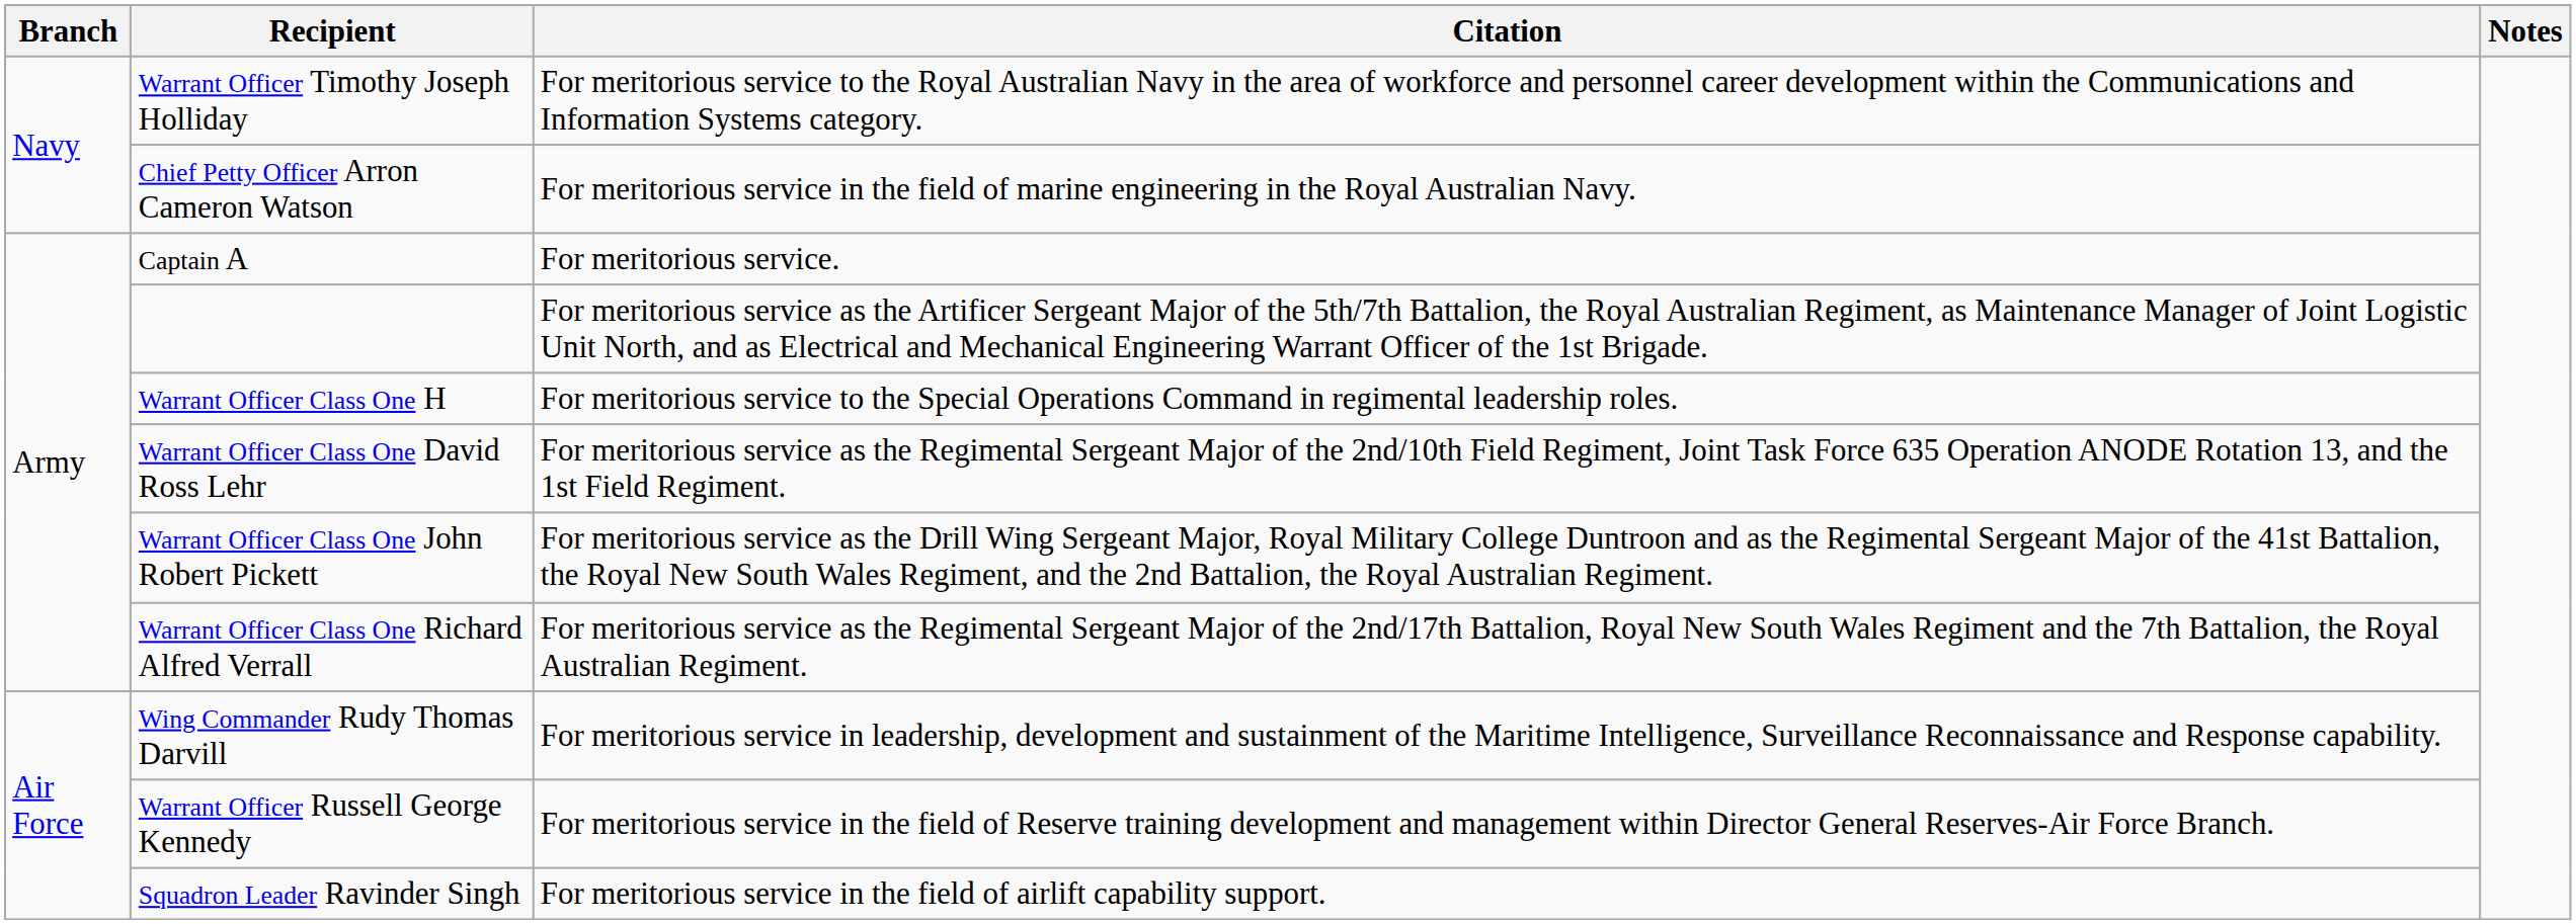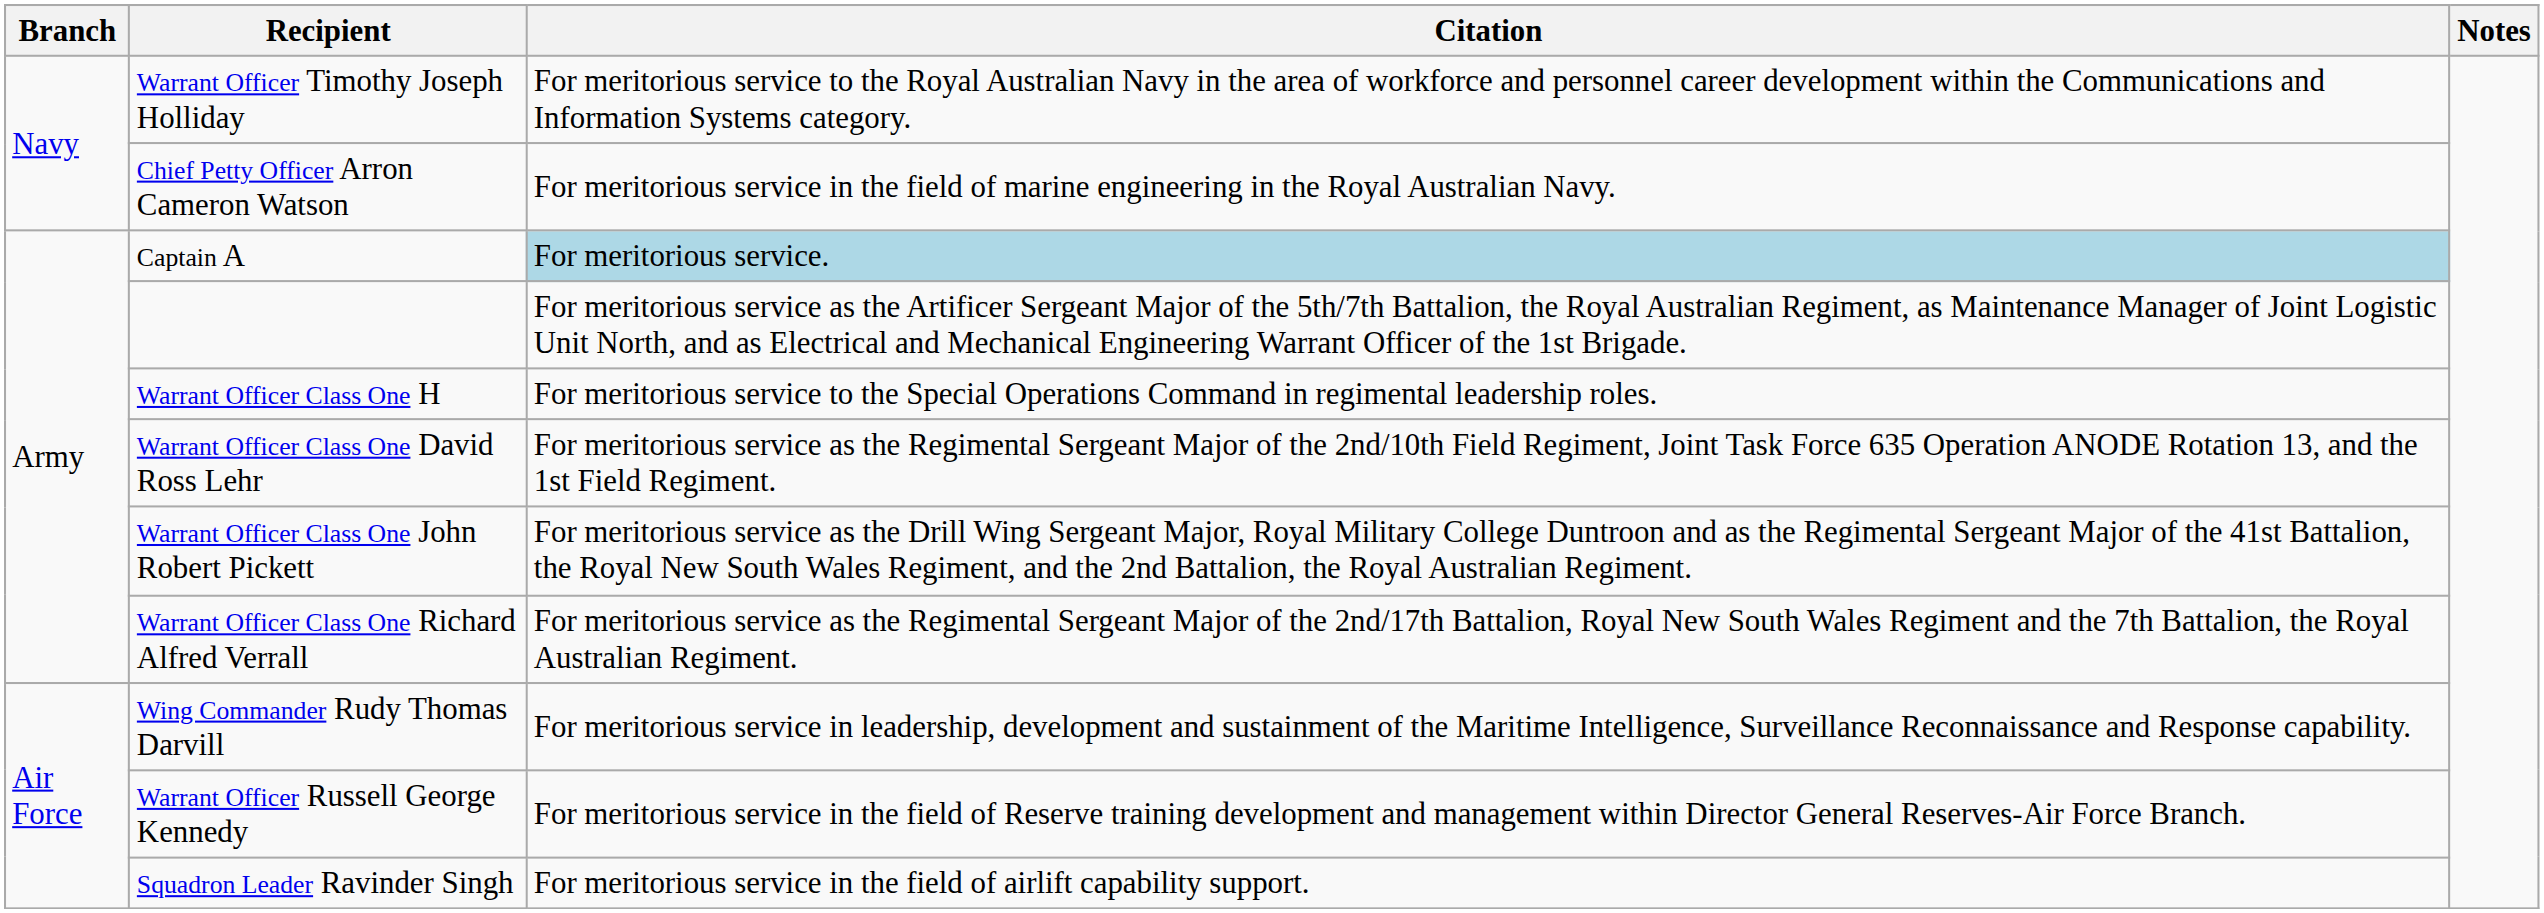 <table class="wikitable" style="font-size:95%;">
 <tr>
 <th>Branch</th>
 <th>Recipient</th>
 <th>Citation</th>
 <th>Notes</th>
 </tr>
 <tr>
 <td rowspan="2"><a href='#'>Navy</a></td>
 <td><small><a href='#'>Warrant Officer</a></small> Timothy Joseph Holliday</td>
 <td>For meritorious service to the Royal Australian Navy in the area of workforce and personnel career development within the Communications and Information Systems category.</td>
 <td rowspan=11></td>
 </tr>
 <tr>
 <td><small><a href='#'>Chief Petty Officer</a></small> Arron Cameron Watson</td>
 <td>For meritorious service in the field of marine engineering in the Royal Australian Navy.</td>
 </tr>
 <tr>
 <td rowspan="6">Army</td>
 <td><small>Captain</small> A</td>
-<td>For meritorious service.</td>
+<td style="background: lightblue;">For meritorious service.</td>
 </tr>
 <tr>
 <td></td>
 <td>For meritorious service as the Artificer Sergeant Major of the 5th/7th Battalion, the Royal Australian Regiment, as Maintenance Manager of Joint Logistic Unit North, and as Electrical and Mechanical Engineering Warrant Officer of the 1st Brigade.</td>
 </tr>
 <tr>
 <td><small><a href='#'>Warrant Officer Class One</a></small> H</td>
 <td>For meritorious service to the Special Operations Command in regimental leadership roles.</td>
 </tr>
 <tr>
 <td><small><a href='#'>Warrant Officer Class One</a></small> David Ross Lehr</td>
 <td>For meritorious service as the Regimental Sergeant Major of the 2nd/10th Field Regiment, Joint Task Force 635 Operation ANODE Rotation 13, and the 1st Field Regiment.</td>
 </tr>
 <tr>
 <td><small><a href='#'>Warrant Officer Class One</a></small> John Robert Pickett</td>
 <td>For meritorious service as the Drill Wing Sergeant Major, Royal Military College Duntroon and as the Regimental Sergeant Major of the 41st Battalion, the Royal New South Wales Regiment, and the 2nd Battalion, the Royal Australian Regiment.</td>
 </tr>
 <tr>
 <td><small><a href='#'>Warrant Officer Class One</a></small> Richard Alfred Verrall</td>
 <td>For meritorious service as the Regimental Sergeant Major of the 2nd/17th Battalion, Royal New South Wales Regiment and the 7th Battalion, the Royal Australian Regiment.</td>
 </tr>
 <tr>
 <td rowspan="3"><a href='#'>Air Force</a></td>
 <td><small><a href='#'>Wing Commander</a></small> Rudy Thomas Darvill</td>
 <td>For meritorious service in leadership, development and sustainment of the Maritime Intelligence, Surveillance Reconnaissance and Response capability.</td>
 </tr>
 <tr>
 <td><small><a href='#'>Warrant Officer</a></small> Russell George Kennedy </td>
 <td>For meritorious service in the field of Reserve training development and management within Director General Reserves-Air Force Branch.</td>
 </tr>
 <tr>
 <td><small><a href='#'>Squadron Leader</a></small> Ravinder Singh</td>
 <td>For meritorious service in the field of airlift capability support.</td>
 </tr>
 </table>
